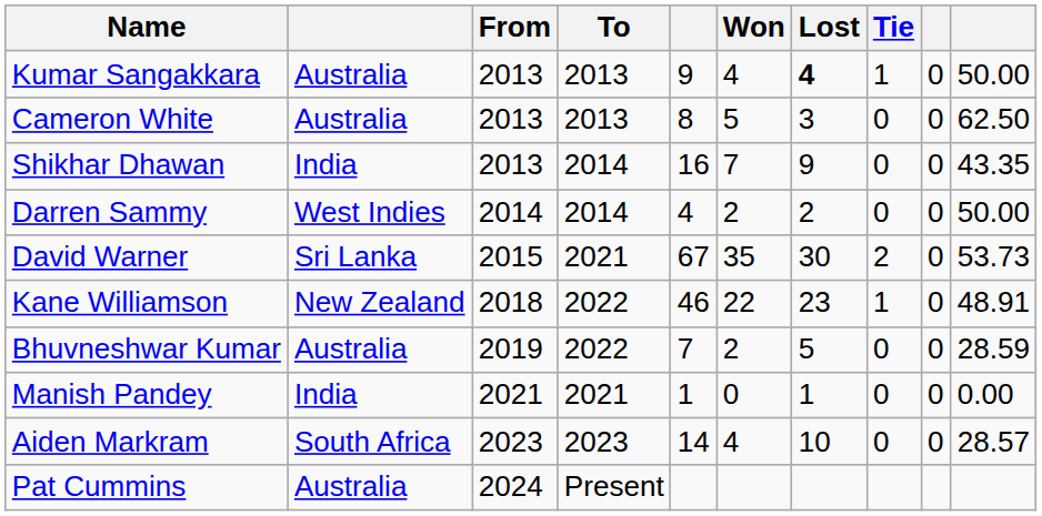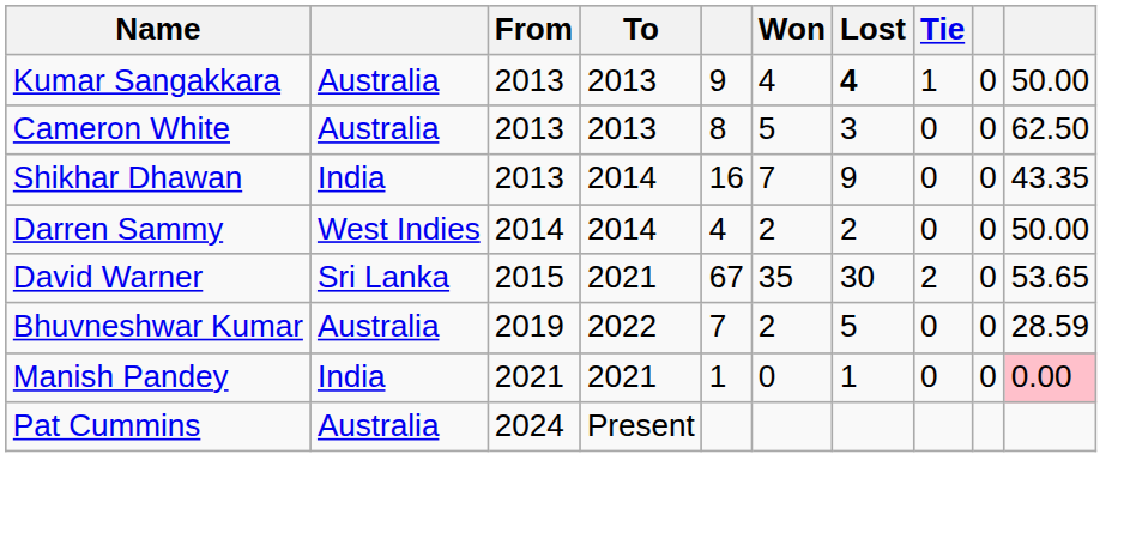 <table class="wikitable" style="font-size:100%">
 <tr>
 <th style="background: color: darkorange;">Name</th>
 <th style="background: color: darkorange;"></th>
 <th style="background: color: darkorange;">From</th>
 <th style="background: color: darkorange;">To</th>
 <th style="background: color: darkorange;"></th>
 <th style="background: color: darkorange;">Won</th>
 <th style="background: color: darkorange;">Lost</th>
 <th style="background: color: darkorange;"><a href='#'>Tie</a></th>
 <th style="background: color: darkorange;"><a href='#'></a></th>
 <th style="background: color: darkorange;"></th>
 </tr>
 <tr>
 <td><a href='#'>Kumar Sangakkara</a></td>
 <td><a href='#'>Australia</a></td>
 <td>2013</td>
 <td>2013</td>
 <td>9</td>
 <td>4</td>
 <td><strong>4</strong></td>
 <td>1</td>
 <td>0</td>
 <td>50.00</td>
 </tr>
 <tr>
 <td><a href='#'>Cameron White</a></td>
 <td><a href='#'>Australia</a></td>
 <td>2013</td>
 <td>2013</td>
 <td>8</td>
 <td>5</td>
 <td>3</td>
 <td>0</td>
 <td>0</td>
 <td>62.50</td>
 </tr>
 <tr>
 <td><a href='#'>Shikhar Dhawan</a></td>
 <td><a href='#'>India</a></td>
 <td>2013</td>
 <td>2014</td>
 <td>16</td>
 <td>7</td>
 <td>9</td>
 <td>0</td>
 <td>0</td>
 <td>43.35</td>
 </tr>
 <tr>
 <td><a href='#'>Darren Sammy</a></td>
 <td><a href='#'>West Indies</a></td>
 <td>2014</td>
 <td>2014</td>
 <td>4</td>
 <td>2</td>
 <td>2</td>
 <td>0</td>
 <td>0</td>
 <td>50.00</td>
 </tr>
 <tr>
 <td><a href='#'>David Warner</a></td>
 <td><a href='#'>Sri Lanka</a></td>
 <td>2015</td>
 <td>2021</td>
 <td>67</td>
 <td>35</td>
 <td>30</td>
 <td>2</td>
 <td>0</td>
-<td>53.73</td>
-</tr>
-<tr>
-<td><a href='#'>Kane Williamson</a></td>
-<td><a href='#'>New Zealand</a></td>
-<td>2018</td>
-<td>2022</td>
-<td>46</td>
-<td>22</td>
-<td>23</td>
-<td>1</td>
-<td>0</td>
-<td>48.91</td>
+<td>53.65</td>
 </tr>
 <tr>
 <td><a href='#'>Bhuvneshwar Kumar</a></td>
 <td><a href='#'>Australia</a></td>
 <td>2019</td>
 <td>2022</td>
 <td>7</td>
 <td>2</td>
 <td>5</td>
 <td>0</td>
 <td>0</td>
 <td>28.59</td>
 </tr>
 <tr>
 <td><a href='#'>Manish Pandey</a></td>
 <td><a href='#'>India</a></td>
 <td>2021</td>
 <td>2021</td>
 <td>1</td>
 <td>0</td>
 <td>1</td>
 <td>0</td>
 <td>0</td>
-<td>0.00</td>
-</tr>
-<tr>
-<td><a href='#'>Aiden Markram</a></td>
-<td><a href='#'>South Africa</a></td>
-<td>2023</td>
-<td>2023</td>
-<td>14</td>
-<td>4</td>
-<td>10</td>
-<td>0</td>
-<td>0</td>
-<td>28.57</td>
+<td style="background: pink;">0.00</td>
 </tr>
 <tr>
 <td><a href='#'>Pat Cummins</a></td>
 <td><a href='#'>Australia</a></td>
 <td>2024</td>
 <td>Present</td>
 <td></td>
 <td></td>
 <td></td>
 <td></td>
 <td></td>
 <td></td>
 </tr>
 </table>
